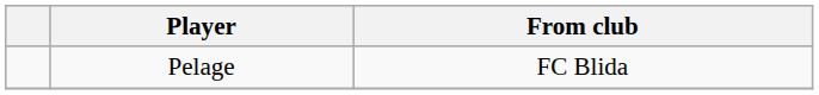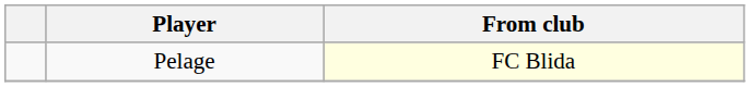 <table class="wikitable sortable" style="width:70%; text-align:center; font-size:85%; text-align:centre;">
 <tr>
 <th></th>
 <th>Player</th>
 <th>From club</th>
 </tr>
 <tr>
 <td></td>
 <td>Pelage</td>
-<td>FC Blida</td>
+<td style="background: lightyellow;">FC Blida</td>
 </tr>
 <tr>
 </tr>
 </table>
